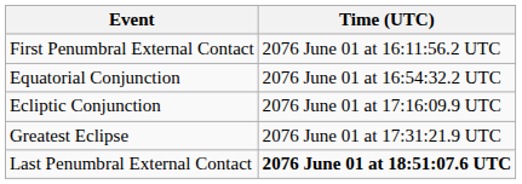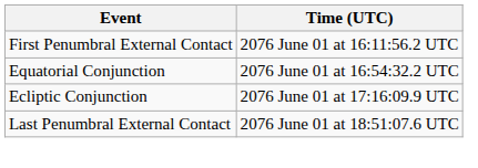 <table class="wikitable">
 <tr>
 <th>Event</th>
 <th>Time (UTC)</th>
 </tr>
 <tr>
 <td>First Penumbral External Contact</td>
 <td>2076 June 01 at 16:11:56.2 UTC</td>
 </tr>
 <tr>
 <td>Equatorial Conjunction</td>
 <td>2076 June 01 at 16:54:32.2 UTC</td>
 </tr>
 <tr>
 <td>Ecliptic Conjunction</td>
 <td>2076 June 01 at 17:16:09.9 UTC</td>
 </tr>
 <tr>
-<td>Greatest Eclipse</td>
-<td>2076 June 01 at 17:31:21.9 UTC</td>
-</tr>
-<tr>
 <td>Last Penumbral External Contact</td>
-<td><strong>2076 June 01 at 18:51:07.6 UTC</strong></td>
+<td>2076 June 01 at 18:51:07.6 UTC</td>
 </tr>
 </table>
